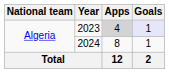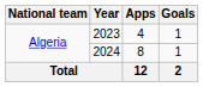 <table class="wikitable" style="text-align:center">
 <tr>
 <th>National team</th>
 <th>Year</th>
 <th>Apps</th>
 <th>Goals</th>
 </tr>
 <tr>
 <td rowspan="2"><a href='#'>Algeria</a></td>
 <td>2023</td>
-<td style="background: lightgrey;">4</td>
-<td style="background: lavender;">1</td>
+<td>4</td>
+<td>1</td>
 </tr>
 <tr>
 <td>2024</td>
 <td>8</td>
 <td>1</td>
 </tr>
 <tr>
 <th colspan="2">Total</th>
 <th>12</th>
 <th>2</th>
 </tr>
 </table>
